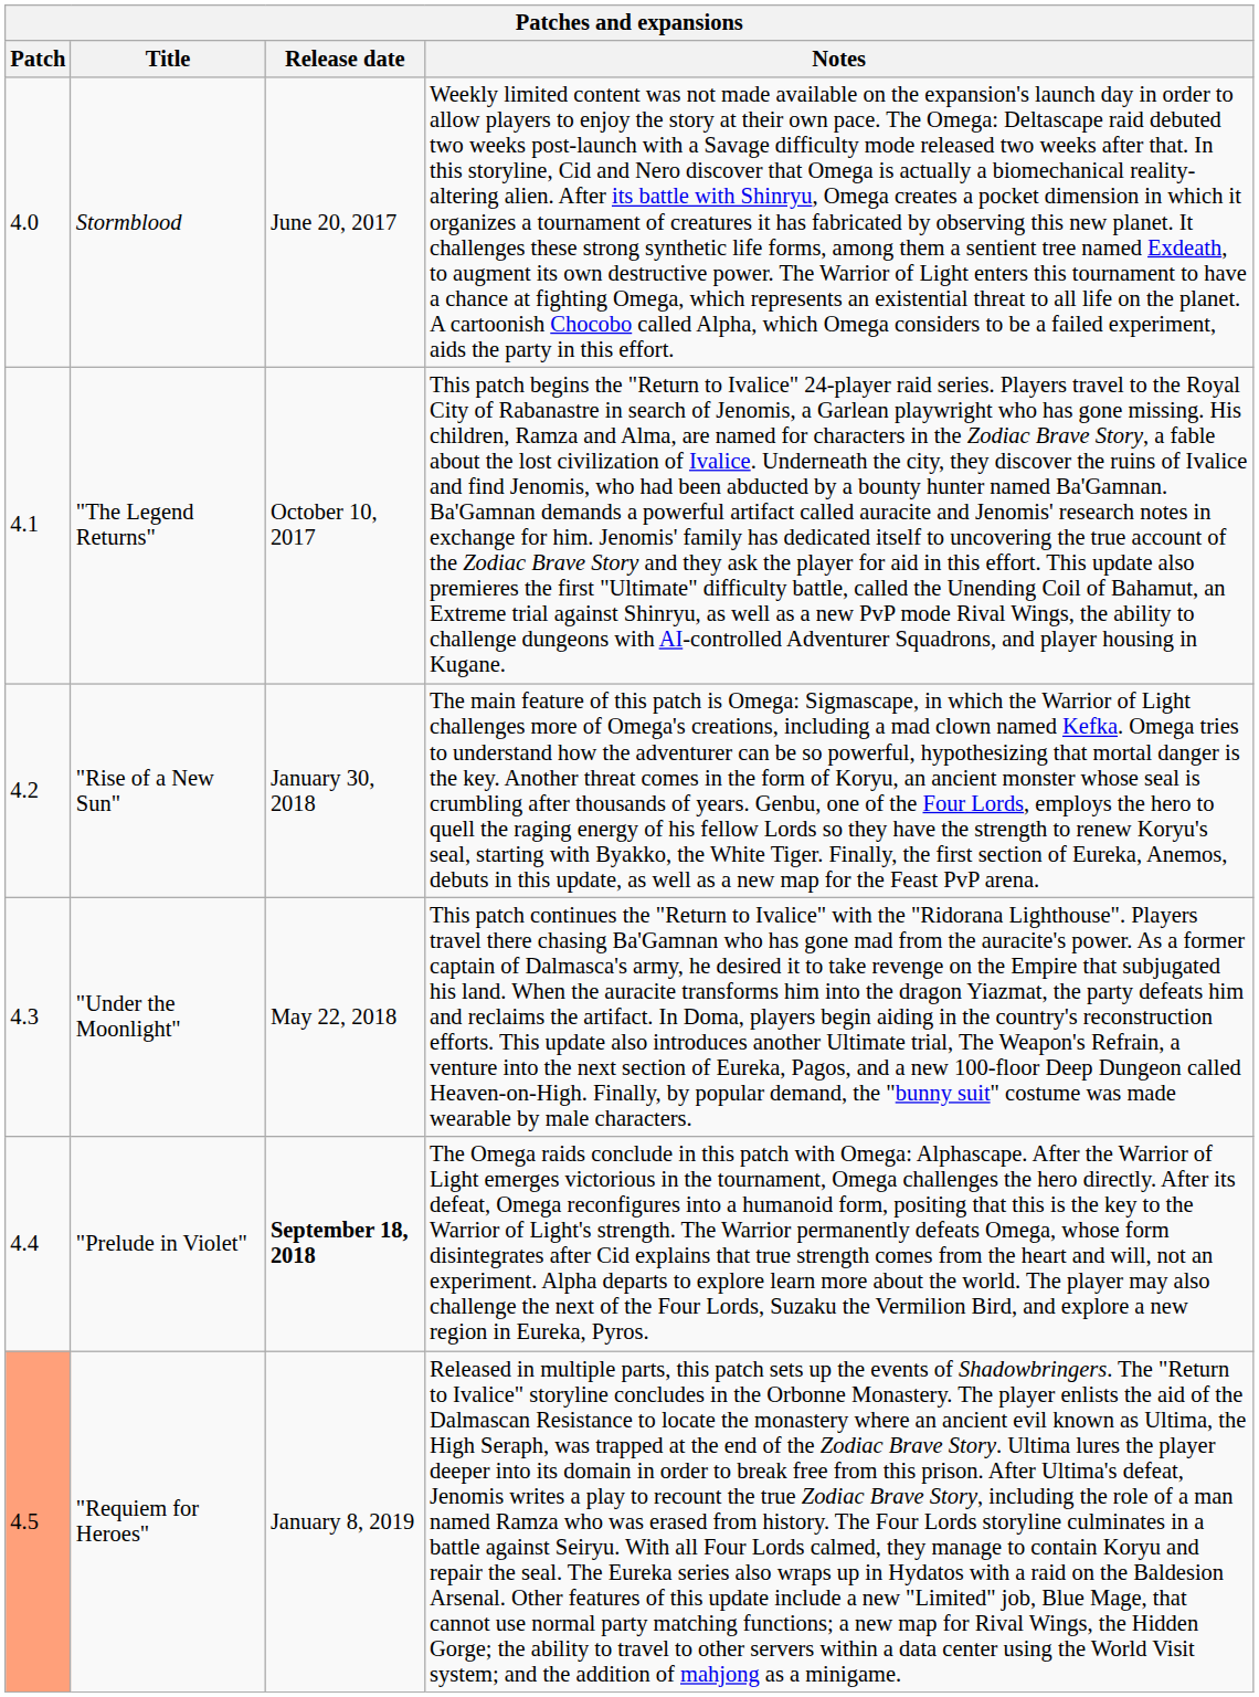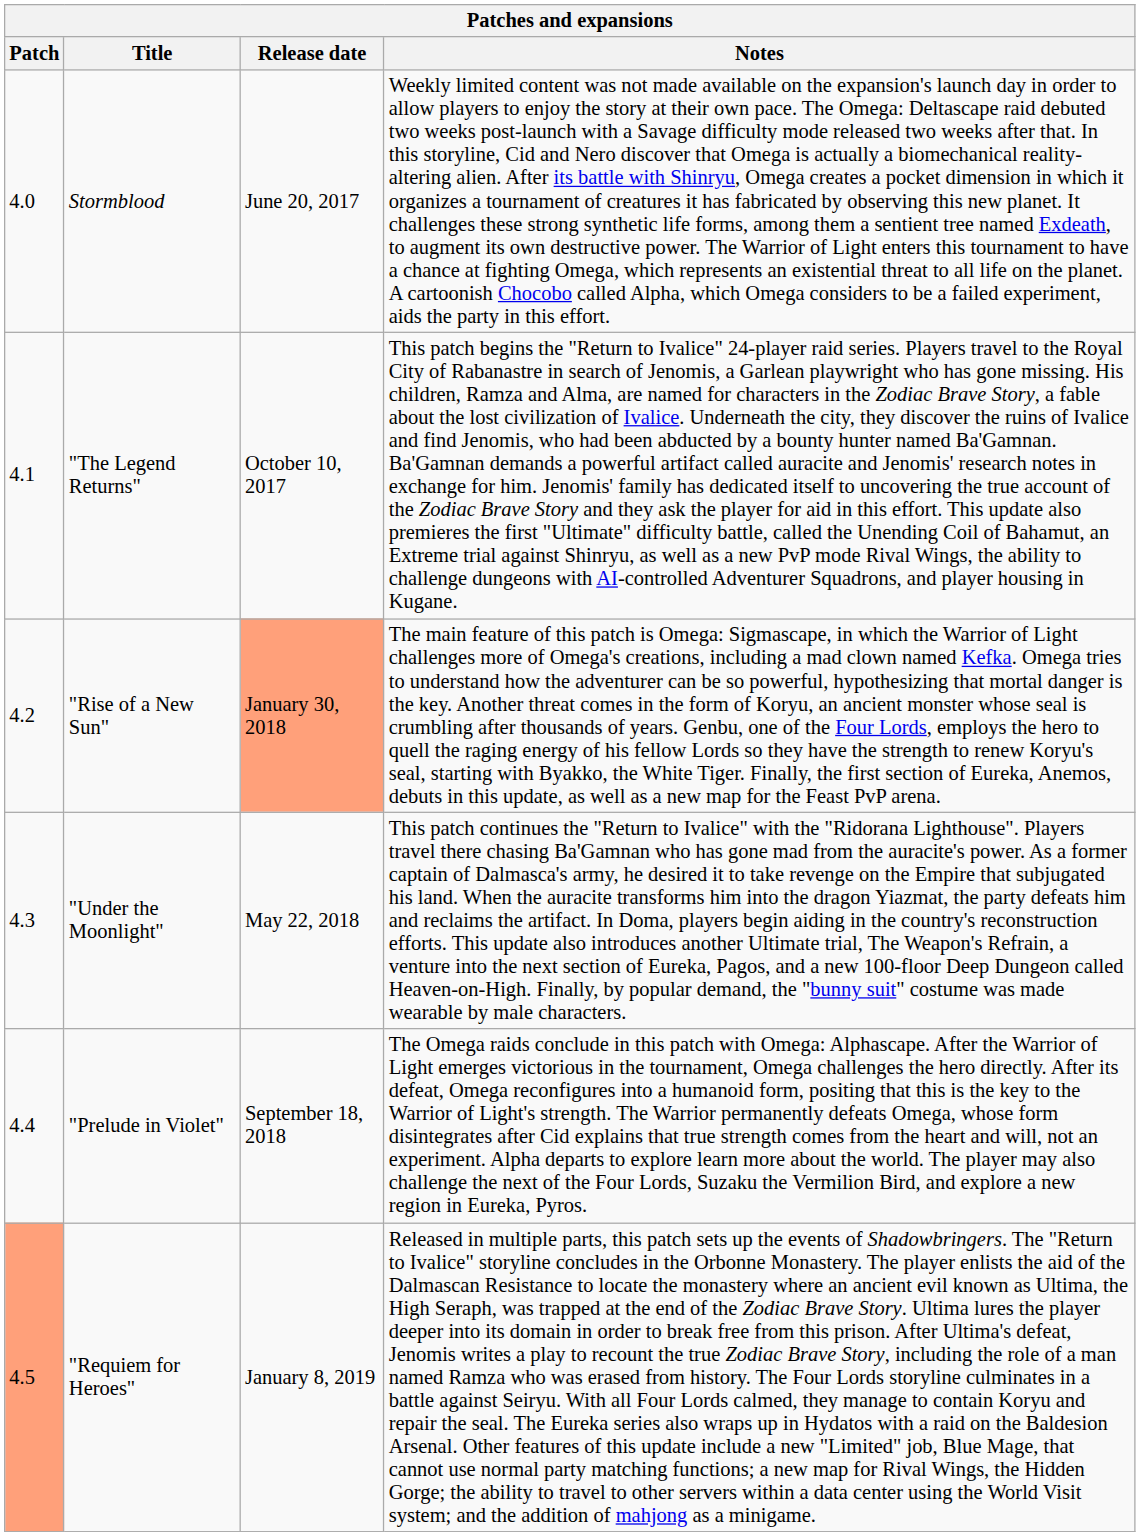 <table class="wikitable collapsible uncollapsed" style="width:100%;">
 <tr>
 <th colspan=4>Patches and expansions</th>
 </tr>
 <tr>
 <th style="width:1%;">Patch</th>
 <th style="width:16%;">Title</th>
 <th style="width:13%;">Release date</th>
 <th style="width:70%;">Notes</th>
 </tr>
 <tr>
 <td>4.0</td>
 <td><em>Stormblood</em></td>
 <td>June 20, 2017</td>
 <td>Weekly limited content was not made available on the expansion's launch day in order to allow players to enjoy the story at their own pace. The Omega: Deltascape raid debuted two weeks post-launch with a Savage difficulty mode released two weeks after that. In this storyline, Cid and Nero discover that Omega is actually a biomechanical reality-altering alien. After <a href='#'>its battle with Shinryu</a>, Omega creates a pocket dimension in which it organizes a tournament of creatures it has fabricated by observing this new planet. It challenges these strong synthetic life forms, among them a sentient tree named <a href='#'>Exdeath</a>, to augment its own destructive power. The Warrior of Light enters this tournament to have a chance at fighting Omega, which represents an existential threat to all life on the planet. A cartoonish <a href='#'>Chocobo</a> called Alpha, which Omega considers to be a failed experiment, aids the party in this effort.</td>
 </tr>
 <tr>
 <td>4.1</td>
 <td>"The Legend Returns"</td>
 <td>October 10, 2017</td>
 <td>This patch begins the "Return to Ivalice" 24-player raid series. Players travel to the Royal City of Rabanastre in search of Jenomis, a Garlean playwright who has gone missing. His children, Ramza and Alma, are named for characters in the <em>Zodiac Brave Story</em>, a fable about the lost civilization of <a href='#'>Ivalice</a>. Underneath the city, they discover the ruins of Ivalice and find Jenomis, who had been abducted by a bounty hunter named Ba'Gamnan. Ba'Gamnan demands a powerful artifact called auracite and Jenomis' research notes in exchange for him. Jenomis' family has dedicated itself to uncovering the true account of the <em>Zodiac Brave Story</em> and they ask the player for aid in this effort. This update also premieres the first "Ultimate" difficulty battle, called the Unending Coil of Bahamut, an Extreme trial against Shinryu, as well as a new PvP mode Rival Wings, the ability to challenge dungeons with <a href='#'>AI</a>-controlled Adventurer Squadrons, and player housing in Kugane.</td>
 </tr>
 <tr>
 <td>4.2</td>
 <td>"Rise of a New Sun"</td>
-<td>January 30, 2018</td>
+<td style="background: lightsalmon;">January 30, 2018</td>
 <td>The main feature of this patch is Omega: Sigmascape, in which the Warrior of Light challenges more of Omega's creations, including a mad clown named <a href='#'>Kefka</a>. Omega tries to understand how the adventurer can be so powerful, hypothesizing that mortal danger is the key. Another threat comes in the form of Koryu, an ancient monster whose seal is crumbling after thousands of years. Genbu, one of the <a href='#'>Four Lords</a>, employs the hero to quell the raging energy of his fellow Lords so they have the strength to renew Koryu's seal, starting with Byakko, the White Tiger. Finally, the first section of Eureka, Anemos, debuts in this update, as well as a new map for the Feast PvP arena.</td>
 </tr>
 <tr>
 <td>4.3</td>
 <td>"Under the Moonlight"</td>
 <td>May 22, 2018</td>
 <td>This patch continues the "Return to Ivalice" with the "Ridorana Lighthouse". Players travel there chasing Ba'Gamnan who has gone mad from the auracite's power. As a former captain of Dalmasca's army, he desired it to take revenge on the Empire that subjugated his land. When the auracite transforms him into the dragon Yiazmat, the party defeats him and reclaims the artifact. In Doma, players begin aiding in the country's reconstruction efforts. This update also introduces another Ultimate trial, The Weapon's Refrain, a venture into the next section of Eureka, Pagos, and a new 100-floor Deep Dungeon called Heaven-on-High. Finally, by popular demand, the "<a href='#'>bunny suit</a>" costume was made wearable by male characters.</td>
 </tr>
 <tr>
 <td>4.4</td>
 <td>"Prelude in Violet"</td>
-<td><strong>September 18, 2018</strong></td>
+<td>September 18, 2018</td>
 <td>The Omega raids conclude in this patch with Omega: Alphascape. After the Warrior of Light emerges victorious in the tournament, Omega challenges the hero directly. After its defeat, Omega reconfigures into a humanoid form, positing that this is the key to the Warrior of Light's strength. The Warrior permanently defeats Omega, whose form disintegrates after Cid explains that true strength comes from the heart and will, not an experiment. Alpha departs to explore learn more about the world. The player may also challenge the next of the Four Lords, Suzaku the Vermilion Bird, and explore a new region in Eureka, Pyros.</td>
 </tr>
 <tr>
 <td style="background: lightsalmon;">4.5</td>
 <td>"Requiem for Heroes"</td>
 <td>January 8, 2019</td>
 <td>Released in multiple parts, this patch sets up the events of <em>Shadowbringers</em>. The "Return to Ivalice" storyline concludes in the Orbonne Monastery. The player enlists the aid of the Dalmascan Resistance to locate the monastery where an ancient evil known as Ultima, the High Seraph, was trapped at the end of the <em>Zodiac Brave Story</em>. Ultima lures the player deeper into its domain in order to break free from this prison. After Ultima's defeat, Jenomis writes a play to recount the true <em>Zodiac Brave Story</em>, including the role of a man named Ramza who was erased from history. The Four Lords storyline culminates in a battle against Seiryu. With all Four Lords calmed, they manage to contain Koryu and repair the seal. The Eureka series also wraps up in Hydatos with a raid on the Baldesion Arsenal. Other features of this update include a new "Limited" job, Blue Mage, that cannot use normal party matching functions; a new map for Rival Wings, the Hidden Gorge; the ability to travel to other servers within a data center using the World Visit system; and the addition of <a href='#'>mahjong</a> as a minigame.</td>
 </tr>
 </table>
